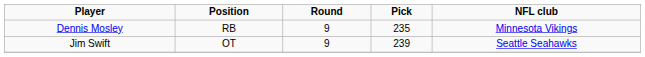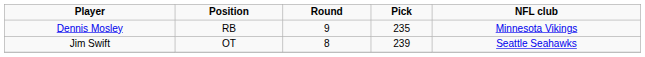 <table class="wikitable" width="80%">
 <tr align="center">
 <td><strong>Player</strong></td>
 <td><strong>Position</strong></td>
 <td><strong>Round</strong></td>
 <td><strong>Pick</strong></td>
 <td><strong>NFL club</strong></td>
 </tr>
 <tr align="center" bgcolor="">
 <td><a href='#'>Dennis Mosley</a></td>
 <td>RB</td>
 <td>9</td>
 <td>235</td>
 <td><a href='#'>Minnesota Vikings</a></td>
 </tr>
 <tr align="center" bgcolor="">
 <td>Jim Swift</td>
 <td>OT</td>
-<td>9</td>
+<td>8</td>
 <td>239</td>
 <td><a href='#'>Seattle Seahawks</a></td>
 </tr>
 <tr align="center" bgcolor="">
 </tr>
 </table>
